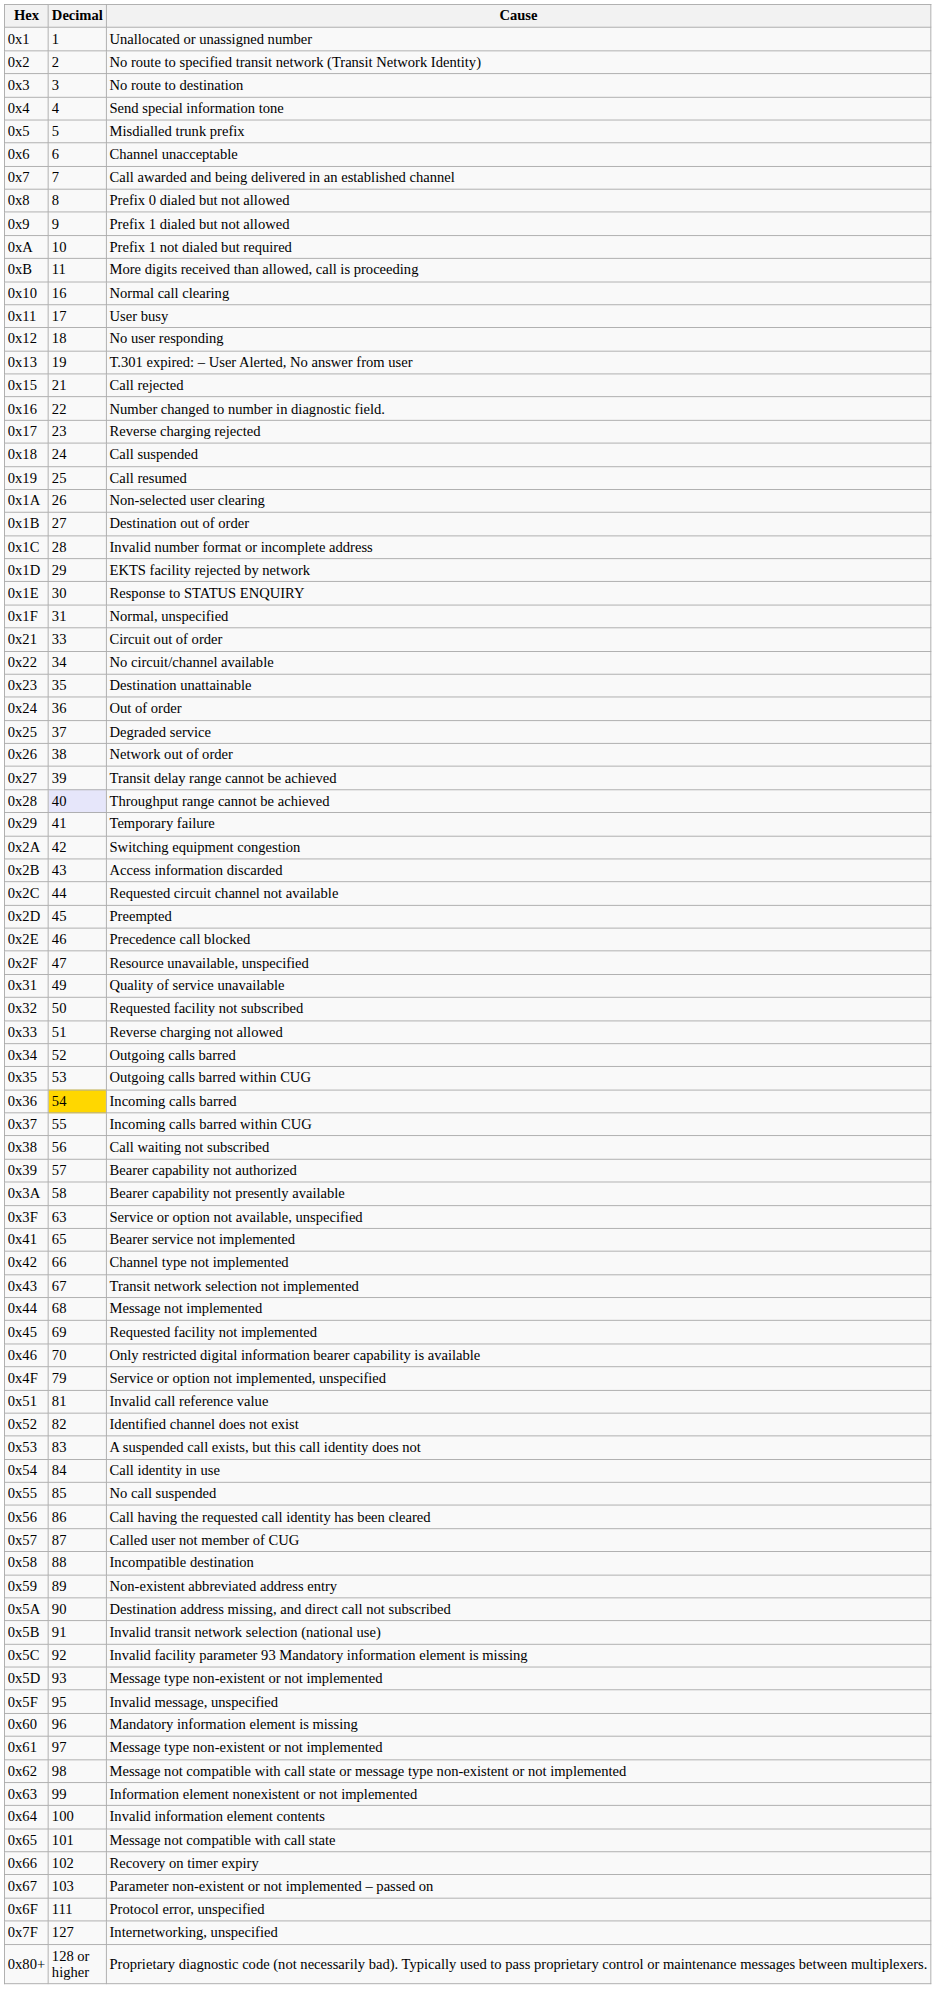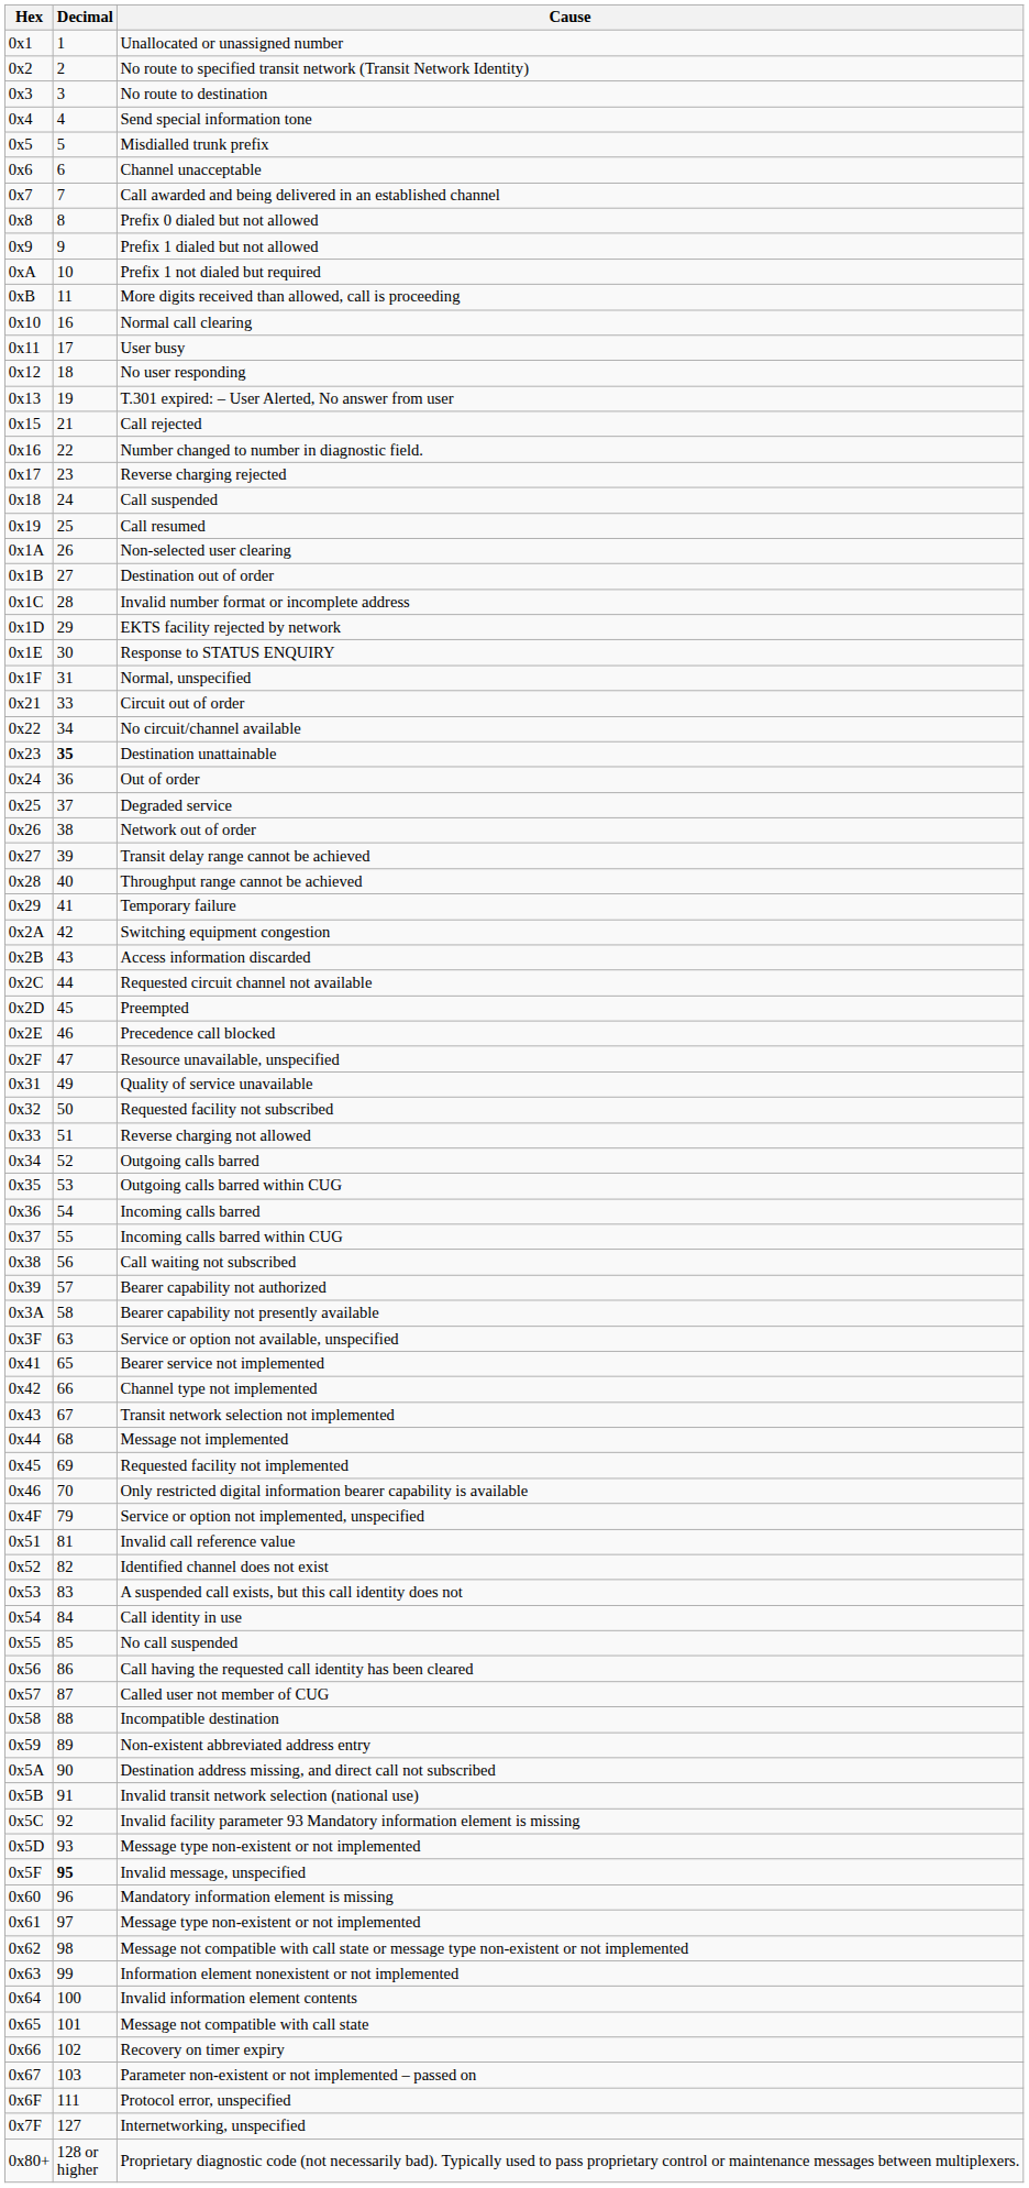 <table class="wikitable" border=1>
 <tr>
 <th>Hex</th>
 <th>Decimal</th>
 <th>Cause</th>
 </tr>
 <tr>
 <td>0x1</td>
 <td>1</td>
 <td>Unallocated or unassigned number</td>
 </tr>
 <tr>
 <td>0x2</td>
 <td>2</td>
 <td>No route to specified transit network (Transit Network Identity)</td>
 </tr>
 <tr>
 <td>0x3</td>
 <td>3</td>
 <td>No route to destination</td>
 </tr>
 <tr>
 <td>0x4</td>
 <td>4</td>
 <td>Send special information tone</td>
 </tr>
 <tr>
 <td>0x5</td>
 <td>5</td>
 <td>Misdialled trunk prefix</td>
 </tr>
 <tr>
 <td>0x6</td>
 <td>6</td>
 <td>Channel unacceptable</td>
 </tr>
 <tr>
 <td>0x7</td>
 <td>7</td>
 <td>Call awarded and being delivered in an established channel</td>
 </tr>
 <tr>
 <td>0x8</td>
 <td>8</td>
 <td>Prefix 0 dialed but not allowed</td>
 </tr>
 <tr>
 <td>0x9</td>
 <td>9</td>
 <td>Prefix 1 dialed but not allowed</td>
 </tr>
 <tr>
 <td>0xA</td>
 <td>10</td>
 <td>Prefix 1 not dialed but required</td>
 </tr>
 <tr>
 <td>0xB</td>
 <td>11</td>
 <td>More digits received than allowed, call is proceeding</td>
 </tr>
 <tr>
 <td>0x10</td>
 <td>16</td>
 <td>Normal call clearing</td>
 </tr>
 <tr>
 <td>0x11</td>
 <td>17</td>
 <td>User busy</td>
 </tr>
 <tr>
 <td>0x12</td>
 <td>18</td>
 <td>No user responding</td>
 </tr>
 <tr>
 <td>0x13</td>
 <td>19</td>
 <td>T.301 expired: – User Alerted, No answer from user</td>
 </tr>
 <tr>
 <td>0x15</td>
 <td>21</td>
 <td>Call rejected</td>
 </tr>
 <tr>
 <td>0x16</td>
 <td>22</td>
 <td>Number changed to number in diagnostic field.</td>
 </tr>
 <tr>
 <td>0x17</td>
 <td>23</td>
 <td>Reverse charging rejected</td>
 </tr>
 <tr>
 <td>0x18</td>
 <td>24</td>
 <td>Call suspended</td>
 </tr>
 <tr>
 <td>0x19</td>
 <td>25</td>
 <td>Call resumed</td>
 </tr>
 <tr>
 <td>0x1A</td>
 <td>26</td>
 <td>Non-selected user clearing</td>
 </tr>
 <tr>
 <td>0x1B</td>
 <td>27</td>
 <td>Destination out of order</td>
 </tr>
 <tr>
 <td>0x1C</td>
 <td>28</td>
 <td>Invalid number format or incomplete address</td>
 </tr>
 <tr>
 <td>0x1D</td>
 <td>29</td>
 <td>EKTS facility rejected by network</td>
 </tr>
 <tr>
 <td>0x1E</td>
 <td>30</td>
 <td>Response to STATUS ENQUIRY</td>
 </tr>
 <tr>
 <td>0x1F</td>
 <td>31</td>
 <td>Normal, unspecified</td>
 </tr>
 <tr>
 <td>0x21</td>
 <td>33</td>
 <td>Circuit out of order</td>
 </tr>
 <tr>
 <td>0x22</td>
 <td>34</td>
 <td>No circuit/channel available</td>
 </tr>
 <tr>
 <td>0x23</td>
-<td>35</td>
+<td><strong>35</strong></td>
 <td>Destination unattainable</td>
 </tr>
 <tr>
 <td>0x24</td>
 <td>36</td>
 <td>Out of order</td>
 </tr>
 <tr>
 <td>0x25</td>
 <td>37</td>
 <td>Degraded service</td>
 </tr>
 <tr>
 <td>0x26</td>
 <td>38</td>
 <td>Network out of order</td>
 </tr>
 <tr>
 <td>0x27</td>
 <td>39</td>
 <td>Transit delay range cannot be achieved</td>
 </tr>
 <tr>
 <td>0x28</td>
-<td style="background: lavender;">40</td>
+<td>40</td>
 <td>Throughput range cannot be achieved</td>
 </tr>
 <tr>
 <td>0x29</td>
 <td>41</td>
 <td>Temporary failure</td>
 </tr>
 <tr>
 <td>0x2A</td>
 <td>42</td>
 <td>Switching equipment congestion</td>
 </tr>
 <tr>
 <td>0x2B</td>
 <td>43</td>
 <td>Access information discarded</td>
 </tr>
 <tr>
 <td>0x2C</td>
 <td>44</td>
 <td>Requested circuit channel not available</td>
 </tr>
 <tr>
 <td>0x2D</td>
 <td>45</td>
 <td>Preempted</td>
 </tr>
 <tr>
 <td>0x2E</td>
 <td>46</td>
 <td>Precedence call blocked</td>
 </tr>
 <tr>
 <td>0x2F</td>
 <td>47</td>
 <td>Resource unavailable, unspecified</td>
 </tr>
 <tr>
 <td>0x31</td>
 <td>49</td>
 <td>Quality of service unavailable</td>
 </tr>
 <tr>
 <td>0x32</td>
 <td>50</td>
 <td>Requested facility not subscribed</td>
 </tr>
 <tr>
 <td>0x33</td>
 <td>51</td>
 <td>Reverse charging not allowed</td>
 </tr>
 <tr>
 <td>0x34</td>
 <td>52</td>
 <td>Outgoing calls barred</td>
 </tr>
 <tr>
 <td>0x35</td>
 <td>53</td>
 <td>Outgoing calls barred within CUG</td>
 </tr>
 <tr>
 <td>0x36</td>
-<td style="background: gold;">54</td>
+<td>54</td>
 <td>Incoming calls barred</td>
 </tr>
 <tr>
 <td>0x37</td>
 <td>55</td>
 <td>Incoming calls barred within CUG</td>
 </tr>
 <tr>
 <td>0x38</td>
 <td>56</td>
 <td>Call waiting not subscribed</td>
 </tr>
 <tr>
 <td>0x39</td>
 <td>57</td>
 <td>Bearer capability not authorized</td>
 </tr>
 <tr>
 <td>0x3A</td>
 <td>58</td>
 <td>Bearer capability not presently available</td>
 </tr>
 <tr>
 <td>0x3F</td>
 <td>63</td>
 <td>Service or option not available, unspecified</td>
 </tr>
 <tr>
 <td>0x41</td>
 <td>65</td>
 <td>Bearer service not implemented</td>
 </tr>
 <tr>
 <td>0x42</td>
 <td>66</td>
 <td>Channel type not implemented</td>
 </tr>
 <tr>
 <td>0x43</td>
 <td>67</td>
 <td>Transit network selection not implemented</td>
 </tr>
 <tr>
 <td>0x44</td>
 <td>68</td>
 <td>Message not implemented</td>
 </tr>
 <tr>
 <td>0x45</td>
 <td>69</td>
 <td>Requested facility not implemented</td>
 </tr>
 <tr>
 <td>0x46</td>
 <td>70</td>
 <td>Only restricted digital information bearer capability is available</td>
 </tr>
 <tr>
 <td>0x4F</td>
 <td>79</td>
 <td>Service or option not implemented, unspecified</td>
 </tr>
 <tr>
 <td>0x51</td>
 <td>81</td>
 <td>Invalid call reference value</td>
 </tr>
 <tr>
 <td>0x52</td>
 <td>82</td>
 <td>Identified channel does not exist</td>
 </tr>
 <tr>
 <td>0x53</td>
 <td>83</td>
 <td>A suspended call exists, but this call identity does not</td>
 </tr>
 <tr>
 <td>0x54</td>
 <td>84</td>
 <td>Call identity in use</td>
 </tr>
 <tr>
 <td>0x55</td>
 <td>85</td>
 <td>No call suspended</td>
 </tr>
 <tr>
 <td>0x56</td>
 <td>86</td>
 <td>Call having the requested call identity has been cleared</td>
 </tr>
 <tr>
 <td>0x57</td>
 <td>87</td>
 <td>Called user not member of CUG</td>
 </tr>
 <tr>
 <td>0x58</td>
 <td>88</td>
 <td>Incompatible destination</td>
 </tr>
 <tr>
 <td>0x59</td>
 <td>89</td>
 <td>Non-existent abbreviated address entry</td>
 </tr>
 <tr>
 <td>0x5A</td>
 <td>90</td>
 <td>Destination address missing, and direct call not subscribed</td>
 </tr>
 <tr>
 <td>0x5B</td>
 <td>91</td>
 <td>Invalid transit network selection (national use)</td>
 </tr>
 <tr>
 <td>0x5C</td>
 <td>92</td>
 <td>Invalid facility parameter 93 Mandatory information element is missing</td>
 </tr>
 <tr>
 <td>0x5D</td>
 <td>93</td>
 <td>Message type non-existent or not implemented</td>
 </tr>
 <tr>
 <td>0x5F</td>
-<td>95</td>
+<td><strong>95</strong></td>
 <td>Invalid message, unspecified</td>
 </tr>
 <tr>
 <td>0x60</td>
 <td>96</td>
 <td>Mandatory information element is missing</td>
 </tr>
 <tr>
 <td>0x61</td>
 <td>97</td>
 <td>Message type non-existent or not implemented</td>
 </tr>
 <tr>
 <td>0x62</td>
 <td>98</td>
 <td>Message not compatible with call state or message type non-existent or not implemented</td>
 </tr>
 <tr>
 <td>0x63</td>
 <td>99</td>
 <td>Information element nonexistent or not implemented</td>
 </tr>
 <tr>
 <td>0x64</td>
 <td>100</td>
 <td>Invalid information element contents</td>
 </tr>
 <tr>
 <td>0x65</td>
 <td>101</td>
 <td>Message not compatible with call state</td>
 </tr>
 <tr>
 <td>0x66</td>
 <td>102</td>
 <td>Recovery on timer expiry</td>
 </tr>
 <tr>
 <td>0x67</td>
 <td>103</td>
 <td>Parameter non-existent or not implemented – passed on</td>
 </tr>
 <tr>
 <td>0x6F</td>
 <td>111</td>
 <td>Protocol error, unspecified</td>
 </tr>
 <tr>
 <td>0x7F</td>
 <td>127</td>
 <td>Internetworking, unspecified</td>
 </tr>
 <tr>
 <td>0x80+</td>
 <td>128 or<br>higher</td>
 <td>Proprietary diagnostic code (not necessarily bad). Typically used to pass proprietary control or maintenance messages between multiplexers.</td>
 </tr>
 </table>
